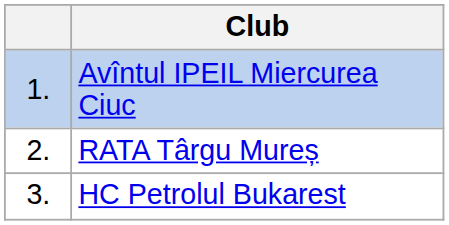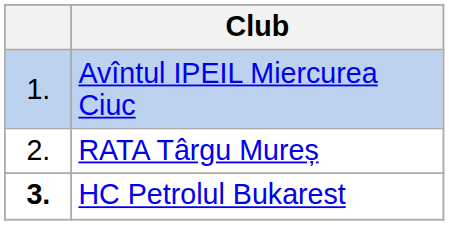 <table class="wikitable">
 <tr>
 <th width="30"></th>
 <th width="200">Club</th>
 </tr>
 <tr bgcolor="#BCD2EE" align="center">
 <td>1.</td>
 <td align="left"><a href='#'>Avîntul IPEIL Miercurea Ciuc</a></td>
 </tr>
 <tr bgcolor="#FFFFFF" align="center">
 <td>2.</td>
 <td align="left"><a href='#'>RATA Târgu Mureș</a></td>
 </tr>
 <tr bgcolor="#FFFFFF" align="center">
-<td>3.</td>
+<td><strong>3.</strong></td>
 <td align="left"><a href='#'>HC Petrolul Bukarest</a></td>
 </tr>
 </table>
